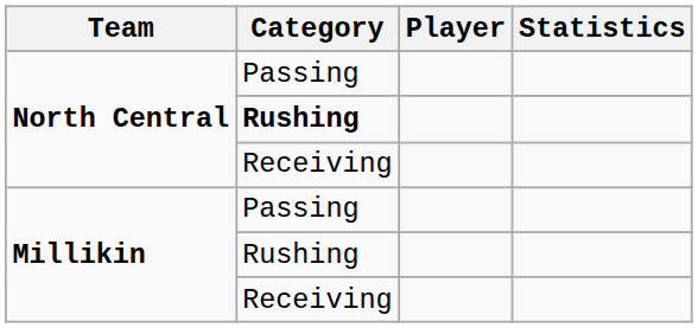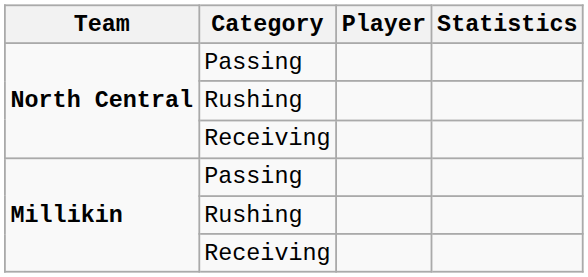 <table class="wikitable" style="float: left;">
 <tr>
 <th>Team</th>
 <th>Category</th>
 <th>Player</th>
 <th>Statistics</th>
 </tr>
 <tr>
 <td rowspan=3><strong>North Central</strong></td>
 <td>Passing</td>
 <td></td>
 <td></td>
 </tr>
 <tr>
-<td><strong>Rushing</strong></td>
+<td>Rushing</td>
 <td></td>
 <td></td>
 </tr>
 <tr>
 <td>Receiving</td>
 <td></td>
 <td></td>
 </tr>
 <tr>
 <td rowspan=3><strong>Millikin</strong></td>
 <td>Passing</td>
 <td></td>
 <td></td>
 </tr>
 <tr>
 <td>Rushing</td>
 <td></td>
 <td></td>
 </tr>
 <tr>
 <td>Receiving</td>
 <td></td>
 <td></td>
 </tr>
 </table>
